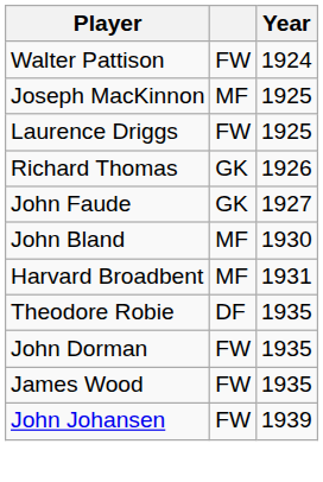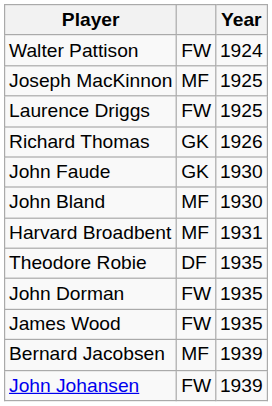 <table class="wikitable"; style= "text-align: ">
 <tr>
 <th width=px>Player</th>
 <th width=px></th>
 <th width=px>Year</th>
 </tr>
 <tr>
 <td>Walter Pattison</td>
 <td>FW</td>
 <td>1924</td>
 </tr>
 <tr>
 <td>Joseph MacKinnon</td>
 <td>MF</td>
 <td>1925</td>
 </tr>
 <tr>
 <td>Laurence Driggs</td>
 <td>FW</td>
 <td>1925</td>
 </tr>
 <tr>
 <td>Richard Thomas</td>
 <td>GK</td>
 <td>1926</td>
 </tr>
 <tr>
 <td>John Faude</td>
 <td>GK</td>
-<td>1927</td>
+<td>1930</td>
 </tr>
 <tr>
 <td>John Bland</td>
 <td>MF</td>
 <td>1930</td>
 </tr>
 <tr>
 <td>Harvard Broadbent</td>
 <td>MF</td>
 <td>1931</td>
 </tr>
 <tr>
 <td>Theodore Robie</td>
 <td>DF</td>
 <td>1935</td>
 </tr>
 <tr>
 <td>John Dorman</td>
 <td>FW</td>
 <td>1935</td>
 </tr>
 <tr>
 <td>James Wood</td>
 <td>FW</td>
 <td>1935</td>
 </tr>
 <tr>
+<td>Bernard Jacobsen</td>
+<td>MF</td>
+<td>1939</td>
+</tr>
+<tr>
 <td><a href='#'>John Johansen</a></td>
 <td>FW</td>
 <td>1939</td>
 </tr>
 </table>
